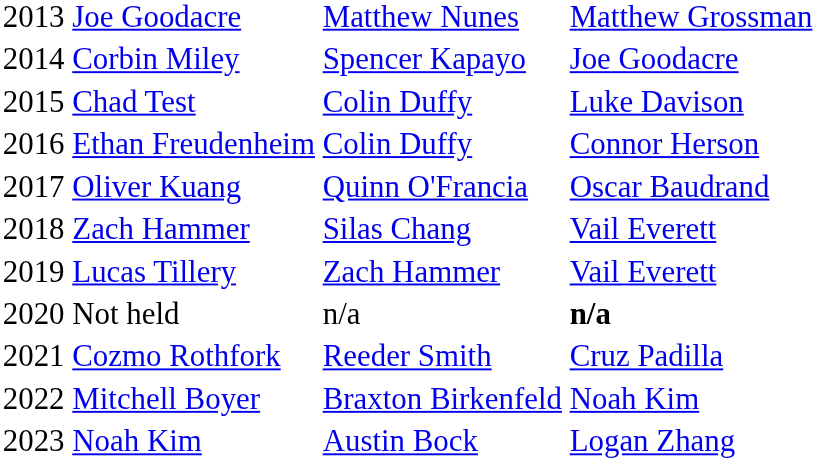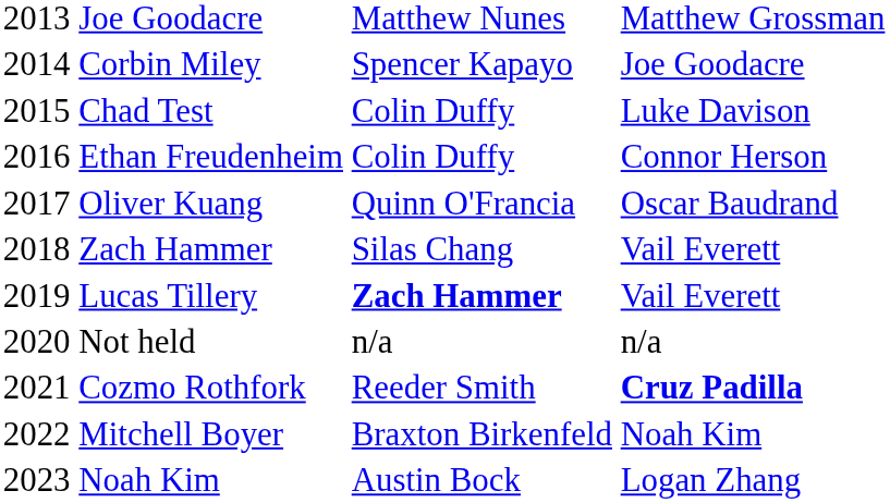 <table>
 <tr>
 <td style="text-align:center;">2013</td>
 <td><a href='#'>Joe Goodacre</a></td>
 <td><a href='#'>Matthew Nunes</a></td>
 <td><a href='#'>Matthew Grossman</a></td>
 </tr>
 <tr>
 <td style="text-align:center;">2014</td>
 <td><a href='#'>Corbin Miley</a></td>
 <td><a href='#'>Spencer Kapayo</a></td>
 <td><a href='#'>Joe Goodacre</a></td>
 </tr>
 <tr>
 <td style="text-align:center;">2015</td>
 <td><a href='#'>Chad Test</a></td>
 <td><a href='#'>Colin Duffy</a></td>
 <td><a href='#'>Luke Davison</a></td>
 </tr>
 <tr>
 <td style="text-align:center;">2016</td>
 <td><a href='#'>Ethan Freudenheim</a></td>
 <td><a href='#'>Colin Duffy</a></td>
 <td><a href='#'>Connor Herson</a></td>
 </tr>
 <tr>
 <td style="text-align:center;">2017</td>
 <td><a href='#'>Oliver Kuang</a></td>
 <td><a href='#'>Quinn O'Francia</a></td>
 <td><a href='#'>Oscar Baudrand</a></td>
 </tr>
 <tr>
 <td style="text-align:center;">2018</td>
 <td><a href='#'>Zach Hammer</a></td>
 <td><a href='#'>Silas Chang</a></td>
 <td><a href='#'>Vail Everett</a></td>
 </tr>
 <tr>
 <td style="text-align:center;">2019</td>
 <td><a href='#'>Lucas Tillery</a></td>
-<td><a href='#'>Zach Hammer</a></td>
+<td><strong><a href='#'>Zach Hammer</a></strong></td>
 <td><a href='#'>Vail Everett</a></td>
 </tr>
 <tr>
 <td style="text-align:center;">2020</td>
 <td>Not held</td>
 <td>n/a</td>
-<td><strong>n/a</strong></td>
+<td>n/a</td>
 </tr>
 <tr>
 <td style="text-align:center;">2021</td>
 <td><a href='#'>Cozmo Rothfork</a></td>
 <td><a href='#'>Reeder Smith</a></td>
-<td><a href='#'>Cruz Padilla</a></td>
+<td><strong><a href='#'>Cruz Padilla</a></strong></td>
 </tr>
 <tr>
 <td style="text-align:center;">2022</td>
 <td><a href='#'>Mitchell Boyer</a></td>
 <td><a href='#'>Braxton Birkenfeld</a></td>
 <td><a href='#'>Noah Kim</a></td>
 </tr>
 <tr>
 <td style="text-align:center;">2023</td>
 <td><a href='#'>Noah Kim</a></td>
 <td><a href='#'>Austin Bock</a></td>
 <td><a href='#'>Logan Zhang</a></td>
 </tr>
 </table>
